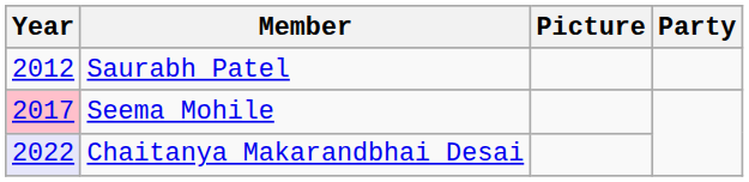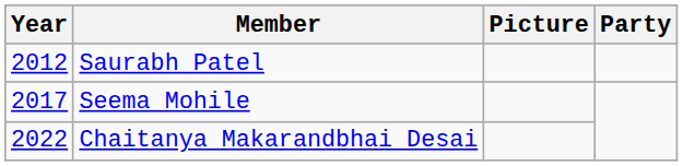 <table class="wikitable sortable">
 <tr>
 <th>Year</th>
 <th>Member</th>
 <th>Picture</th>
 <th colspan="2">Party</th>
 </tr>
 <tr>
 <td><a href='#'>2012</a></td>
 <td><a href='#'>Saurabh Patel</a></td>
 <td></td>
 <td></td>
 </tr>
 <tr>
-<td style="background: pink;"><a href='#'>2017</a></td>
+<td><a href='#'>2017</a></td>
 <td><a href='#'>Seema Mohile</a></td>
 <td></td>
 </tr>
 <tr>
-<td style="background: lavender;"><a href='#'>2022</a></td>
+<td><a href='#'>2022</a></td>
 <td><a href='#'>Chaitanya Makarandbhai Desai</a></td>
 <td></td>
 </tr>
 </table>
